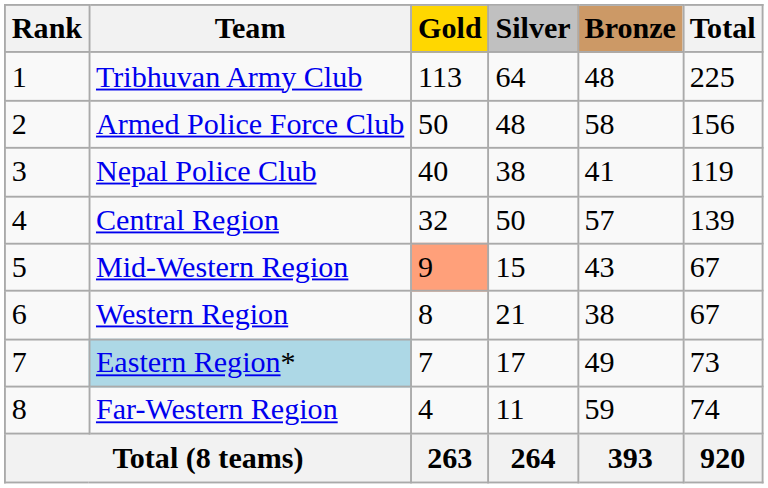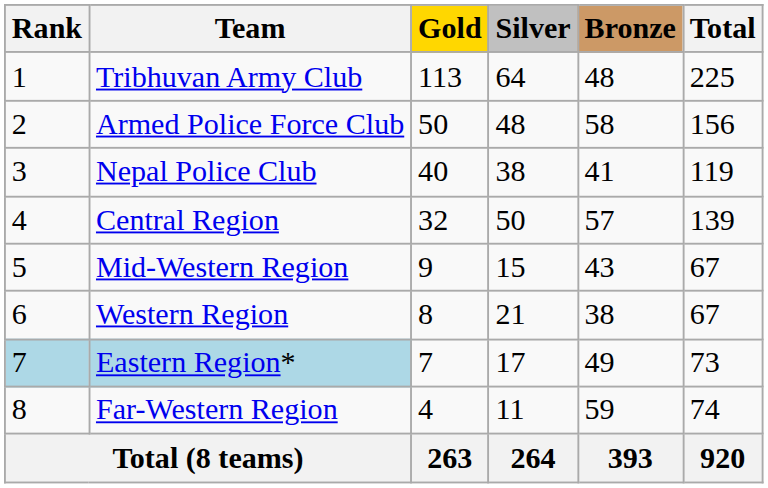 <table class="wikitable sortable">
 <tr>
 <th>Rank</th>
 <th>Team</th>
 <th style="background:gold">Gold</th>
 <th style="background:silver">Silver</th>
 <th style="background:#cc9966">Bronze</th>
 <th>Total</th>
 </tr>
 <tr>
 <td>1</td>
 <td><a href='#'>Tribhuvan Army Club</a></td>
 <td>113</td>
 <td>64</td>
 <td>48</td>
 <td>225</td>
 </tr>
 <tr>
 <td>2</td>
 <td><a href='#'>Armed Police Force Club</a></td>
 <td>50</td>
 <td>48</td>
 <td>58</td>
 <td>156</td>
 </tr>
 <tr>
 <td>3</td>
 <td><a href='#'>Nepal Police Club</a></td>
 <td>40</td>
 <td>38</td>
 <td>41</td>
 <td>119</td>
 </tr>
 <tr>
 <td>4</td>
 <td><a href='#'>Central Region</a></td>
 <td>32</td>
 <td>50</td>
 <td>57</td>
 <td>139</td>
 </tr>
 <tr>
 <td>5</td>
 <td><a href='#'>Mid-Western Region</a></td>
-<td style="background: lightsalmon;">9</td>
+<td>9</td>
 <td>15</td>
 <td>43</td>
 <td>67</td>
 </tr>
 <tr>
 <td>6</td>
 <td><a href='#'>Western Region</a></td>
 <td>8</td>
 <td>21</td>
 <td>38</td>
 <td>67</td>
 </tr>
 <tr>
-<td>7</td>
+<td style="background: lightblue;">7</td>
 <td style="background:lightblue"><a href='#'>Eastern Region</a>*</td>
 <td>7</td>
 <td>17</td>
 <td>49</td>
 <td>73</td>
 </tr>
 <tr>
 <td>8</td>
 <td><a href='#'>Far-Western Region</a></td>
 <td>4</td>
 <td>11</td>
 <td>59</td>
 <td>74</td>
 </tr>
 <tr>
 <th colspan="2">Total (8 teams)</th>
 <th>263</th>
 <th>264</th>
 <th>393</th>
 <th>920</th>
 </tr>
 </table>
